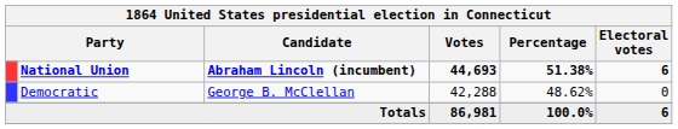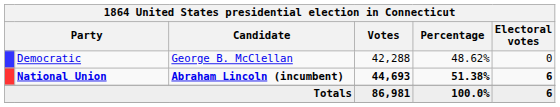 <table class="wikitable" style="font-size: 95%;">
 <tr>
 <th colspan="6">1864 United States presidential election in Connecticut</th>
 </tr>
 <tr>
 <th colspan="2" style="width: 15em">Party</th>
 <th style="width: 17em">Candidate</th>
 <th style="width: 5em">Votes</th>
 <th style="width: 7em">Percentage</th>
 <th style="width: 5em">Electoral votes</th>
 </tr>
 <tr>
+<th style="background-color:#3333FF; width: 3px"></th>
+<td style="width: 130px"><a href='#'>Democratic</a></td>
+<td><a href='#'>George B. McClellan</a></td>
+<td align="right">42,288</td>
+<td align="right">48.62%</td>
+<td align="right">0</td>
+</tr>
+<tr>
 <th style="background-color:#FF3333; width: 3px"></th>
 <td style="width: 130px"><strong><a href='#'>National Union</a></strong></td>
 <td><strong><a href='#'>Abraham Lincoln</a> (incumbent)</strong></td>
 <td align="right"><strong>44,693</strong></td>
 <td align="right"><strong>51.38%</strong></td>
 <td align="right"><strong>6</strong></td>
-</tr>
-<tr>
-<th style="background-color:#3333FF; width: 3px"></th>
-<td style="width: 130px"><a href='#'>Democratic</a></td>
-<td><a href='#'>George B. McClellan</a></td>
-<td align="right">42,288</td>
-<td align="right">48.62%</td>
-<td align="right">0</td>
 </tr>
 <tr>
 </tr>
 <tr bgcolor="#EEEEEE">
 <td colspan="3" align="right"><strong>Totals</strong></td>
 <td align="right"><strong>86,981</strong></td>
 <td align="right"><strong>100.0%</strong></td>
 <td align="right"><strong>6</strong></td>
 </tr>
 <tr>
 </tr>
 </table>
